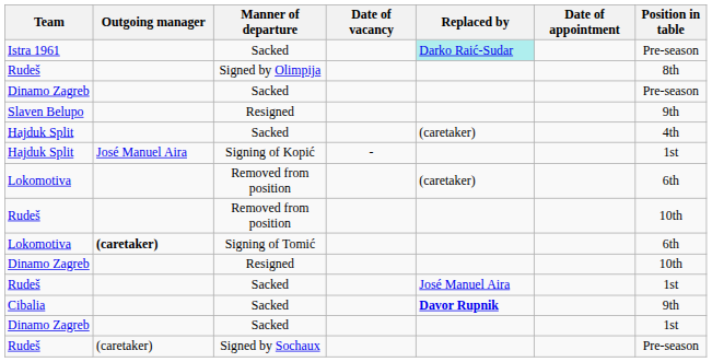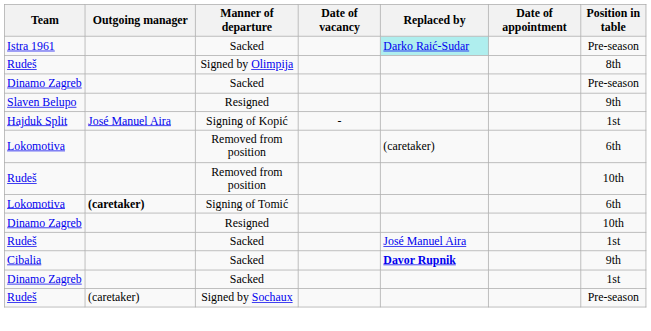 <table class="wikitable sortable" style="text-align: center;">
 <tr>
 <th width="120">Team</th>
 <th width="190">Outgoing manager</th>
 <th width="180">Manner of departure</th>
 <th width="140">Date of vacancy</th>
 <th width="190">Replaced by</th>
 <th width="140">Date of appointment</th>
 <th width="100">Position in table</th>
 </tr>
 <tr>
 <td style="text-align:left;"><a href='#'>Istra 1961</a></td>
 <td style="text-align:left;"> </td>
 <td>Sacked</td>
 <td></td>
 <td style="background: paleturquoise; text-align:left;"> <a href='#'>Darko Raić-Sudar</a></td>
 <td></td>
 <td>Pre-season</td>
 </tr>
 <tr>
 <td style="text-align:left;"><a href='#'>Rudeš</a></td>
 <td style="text-align:left;"> </td>
 <td>Signed by <a href='#'>Olimpija</a></td>
 <td></td>
 <td style="text-align:left;"> </td>
 <td></td>
 <td>8th</td>
 </tr>
 <tr>
 <td style="text-align:left;"><a href='#'>Dinamo Zagreb</a></td>
 <td style="text-align:left;"> </td>
 <td>Sacked</td>
 <td></td>
 <td style="text-align:left;"> </td>
 <td></td>
 <td>Pre-season</td>
 </tr>
 <tr>
 <td style="text-align:left;"><a href='#'>Slaven Belupo</a></td>
 <td style="text-align:left;"> </td>
 <td>Resigned</td>
 <td></td>
 <td style="text-align:left;"> </td>
 <td></td>
 <td>9th</td>
-</tr>
-<tr>
-<td style="text-align:left;"><a href='#'>Hajduk Split</a></td>
-<td style="text-align:left;"> </td>
-<td>Sacked</td>
-<td></td>
-<td style="text-align:left;">  (caretaker)</td>
-<td></td>
-<td>4th</td>
 </tr>
 <tr>
 <td style="text-align:left;"><a href='#'>Hajduk Split</a></td>
 <td style="text-align:left; "> <a href='#'>José Manuel Aira</a></td>
 <td>Signing of Kopić</td>
 <td>-</td>
 <td style="text-align:left;"> </td>
 <td></td>
 <td>1st</td>
 </tr>
 <tr>
 <td style="text-align:left;"><a href='#'>Lokomotiva</a></td>
 <td style="text-align:left;"> </td>
 <td>Removed from position</td>
 <td></td>
 <td style="text-align:left;">  (caretaker)</td>
 <td></td>
 <td>6th</td>
 </tr>
 <tr>
 <td style="text-align:left;"><a href='#'>Rudeš</a></td>
 <td style="text-align:left;"> </td>
 <td>Removed from position</td>
 <td></td>
 <td style="text-align:left;"> </td>
 <td></td>
 <td>10th</td>
 </tr>
 <tr>
 <td style="text-align:left;"><a href='#'>Lokomotiva</a></td>
 <td style="text-align:left;"><strong>  (caretaker)</strong></td>
 <td>Signing of Tomić</td>
 <td></td>
 <td style="text-align:left;"> </td>
 <td></td>
 <td>6th</td>
 </tr>
 <tr>
 <td style="text-align:left;"><a href='#'>Dinamo Zagreb</a></td>
 <td style="text-align:left;"> </td>
 <td>Resigned</td>
 <td></td>
 <td style="text-align:left;"><br> </td>
 <td></td>
 <td>10th</td>
 </tr>
 <tr>
 <td style="text-align:left;"><a href='#'>Rudeš</a></td>
 <td style="text-align:left;"> </td>
 <td>Sacked</td>
 <td></td>
 <td style="text-align:left;"> <a href='#'>José Manuel Aira</a></td>
 <td></td>
 <td>1st</td>
 </tr>
 <tr>
 <td style="text-align:left; "><a href='#'>Cibalia</a></td>
 <td style="text-align:left; "> </td>
 <td>Sacked</td>
 <td></td>
 <td style="text-align:left; "><strong> <a href='#'>Davor Rupnik</a></strong></td>
 <td></td>
 <td>9th</td>
 </tr>
 <tr>
 <td style="text-align:left; "><a href='#'>Dinamo Zagreb</a></td>
 <td style="text-align:left; "> </td>
 <td>Sacked</td>
 <td></td>
 <td style="text-align:left; "><br> </td>
 <td></td>
 <td>1st</td>
 </tr>
 <tr>
 <td style="text-align:left; "><a href='#'>Rudeš</a></td>
 <td style="text-align:left;">  (caretaker)</td>
 <td>Signed by <a href='#'>Sochaux</a></td>
 <td></td>
 <td style="text-align:left; "></td>
 <td></td>
 <td>Pre-season</td>
 </tr>
 </table>
